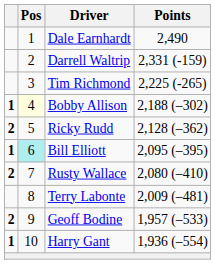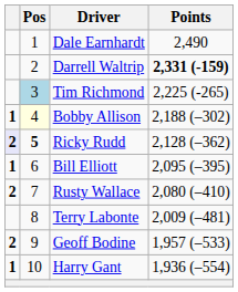 <table class="wikitable" style="font-size: 95%;">
 <tr>
 <th></th>
 <th>Pos</th>
 <th>Driver</th>
 <th>Points</th>
 </tr>
 <tr>
 <td align="left"></td>
 <td style="text-align:center;">1</td>
 <td><a href='#'>Dale Earnhardt</a></td>
 <td style="text-align:center;">2,490</td>
 </tr>
 <tr>
 <td align="left"></td>
 <td style="text-align:center;">2</td>
 <td><a href='#'>Darrell Waltrip</a></td>
-<td style="text-align:center;">2,331 (-159)</td>
+<td style="text-align:center;"><strong>2,331 (-159)</strong></td>
 </tr>
 <tr>
 <td align="left"></td>
-<td style="text-align:center;">3</td>
+<td style="background: lightblue; text-align:center;">3</td>
 <td><a href='#'>Tim Richmond</a></td>
 <td style="text-align:center;">2,225 (-265)</td>
 </tr>
 <tr>
 <td align="left">  <strong>1</strong></td>
 <td style="background: lightyellow; text-align:center;">4</td>
 <td><a href='#'>Bobby Allison</a></td>
 <td style="text-align:center;">2,188 (–302)</td>
 </tr>
 <tr>
-<td align="left">  <strong>2</strong></td>
-<td style="text-align:center;">5</td>
+<td align="left" style="background: lavender;">  <strong>2</strong></td>
+<td style="text-align:center;"><strong>5</strong></td>
 <td><a href='#'>Ricky Rudd</a></td>
 <td style="text-align:center;">2,128 (–362)</td>
 </tr>
 <tr>
 <td align="left">  <strong>1</strong></td>
-<td style="background: paleturquoise; text-align:center;">6</td>
+<td style="text-align:center;">6</td>
 <td><a href='#'>Bill Elliott</a></td>
 <td style="text-align:center;">2,095 (–395)</td>
 </tr>
 <tr>
 <td align="left">  <strong>2</strong></td>
 <td style="text-align:center;">7</td>
 <td><a href='#'>Rusty Wallace</a></td>
 <td style="text-align:center;">2,080 (–410)</td>
 </tr>
 <tr>
 <td align="left"></td>
 <td style="text-align:center;">8</td>
 <td><a href='#'>Terry Labonte</a></td>
 <td style="text-align:center;">2,009 (–481)</td>
 </tr>
 <tr>
 <td align="left">  <strong>2</strong></td>
 <td style="text-align:center;">9</td>
 <td><a href='#'>Geoff Bodine</a></td>
 <td style="text-align:center;">1,957 (–533)</td>
 </tr>
 <tr>
 <td align="left">  <strong>1</strong></td>
 <td style="text-align:center;">10</td>
 <td><a href='#'>Harry Gant</a></td>
 <td style="text-align:center;">1,936 (–554)</td>
 </tr>
 <tr class="sortbottom">
 <th colspan="9"></th>
 </tr>
 </table>
